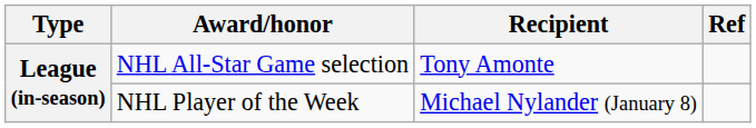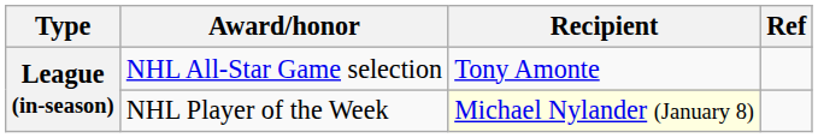 <table class="wikitable">
 <tr>
 <th scope="col">Type</th>
 <th scope="col">Award/honor</th>
 <th scope="col">Recipient</th>
 <th scope="col">Ref</th>
 </tr>
 <tr>
 <th scope="row" rowspan="2">League<br><small>(in-season)</small></th>
 <td><a href='#'>NHL All-Star Game</a> selection</td>
 <td><a href='#'>Tony Amonte</a></td>
 <td></td>
 </tr>
 <tr>
 <td>NHL Player of the Week</td>
-<td><a href='#'>Michael Nylander</a> <small>(January 8)</small></td>
+<td style="background: lightyellow;"><a href='#'>Michael Nylander</a> <small>(January 8)</small></td>
 <td></td>
 </tr>
 </table>
